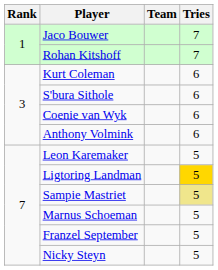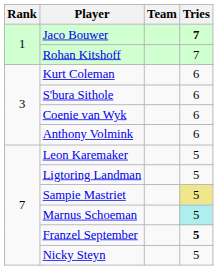 <table class="wikitable">
 <tr>
 <th>Rank</th>
 <th>Player</th>
 <th>Team</th>
 <th>Tries</th>
 </tr>
 <tr style="background:#d0ffd0;">
 <td rowspan=2 align=center>1</td>
 <td><a href='#'>Jaco Bouwer</a></td>
 <td></td>
-<td align=center>7</td>
+<td align=center><strong>7</strong></td>
 </tr>
 <tr style="background:#d0ffd0;">
 <td><a href='#'>Rohan Kitshoff</a></td>
 <td></td>
 <td align=center>7</td>
 </tr>
 <tr>
 <td rowspan=4 align=center>3</td>
 <td><a href='#'>Kurt Coleman</a></td>
 <td></td>
 <td align=center>6</td>
 </tr>
 <tr>
 <td><a href='#'>S'bura Sithole</a></td>
 <td></td>
 <td align=center>6</td>
 </tr>
 <tr>
 <td><a href='#'>Coenie van Wyk</a></td>
 <td></td>
 <td align=center>6</td>
 </tr>
 <tr>
 <td><a href='#'>Anthony Volmink</a></td>
 <td></td>
 <td align=center>6</td>
 </tr>
 <tr>
 <td rowspan=6 align=center>7</td>
 <td><a href='#'>Leon Karemaker</a></td>
 <td></td>
 <td align=center>5</td>
 </tr>
 <tr>
 <td><a href='#'>Ligtoring Landman</a></td>
 <td></td>
-<td align=center style="background: gold;">5</td>
+<td align=center>5</td>
 </tr>
 <tr>
 <td><a href='#'>Sampie Mastriet</a></td>
 <td></td>
 <td align=center style="background: khaki;">5</td>
 </tr>
 <tr>
 <td><a href='#'>Marnus Schoeman</a></td>
 <td></td>
-<td align=center>5</td>
+<td align=center style="background: paleturquoise;">5</td>
 </tr>
 <tr>
 <td><a href='#'>Franzel September</a></td>
 <td></td>
-<td align=center>5</td>
+<td align=center><strong>5</strong></td>
 </tr>
 <tr>
 <td><a href='#'>Nicky Steyn</a></td>
 <td></td>
 <td align=center>5</td>
 </tr>
 </table>
